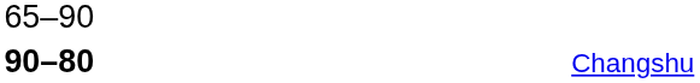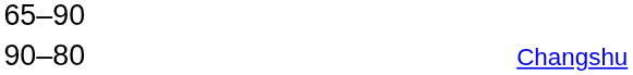 <table style="text-align:center">
 <tr>
 <th width=200></th>
 <th width=100></th>
 <th width=200></th>
 <th></th>
 </tr>
 <tr>
 <td align=right></td>
 <td>65–90</td>
 <td align=left><strong></strong></td>
 </tr>
 <tr>
 <td align=right><strong></strong></td>
-<td><strong>90–80</strong></td>
+<td>90–80</td>
 <td align=left></td>
 <td align=left><small><a href='#'>Changshu</a></small></td>
 </tr>
 </table>
